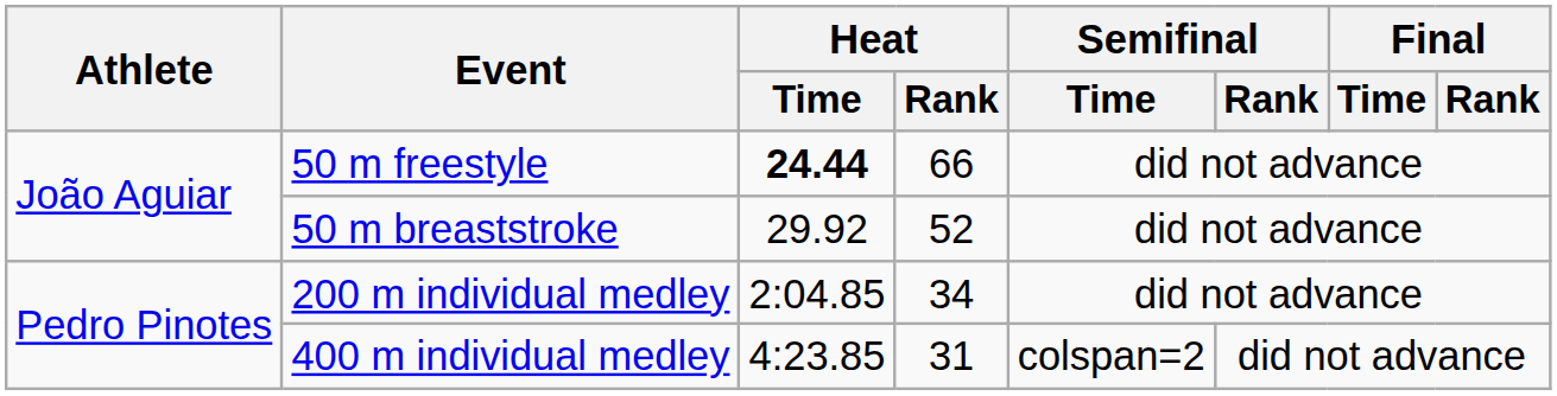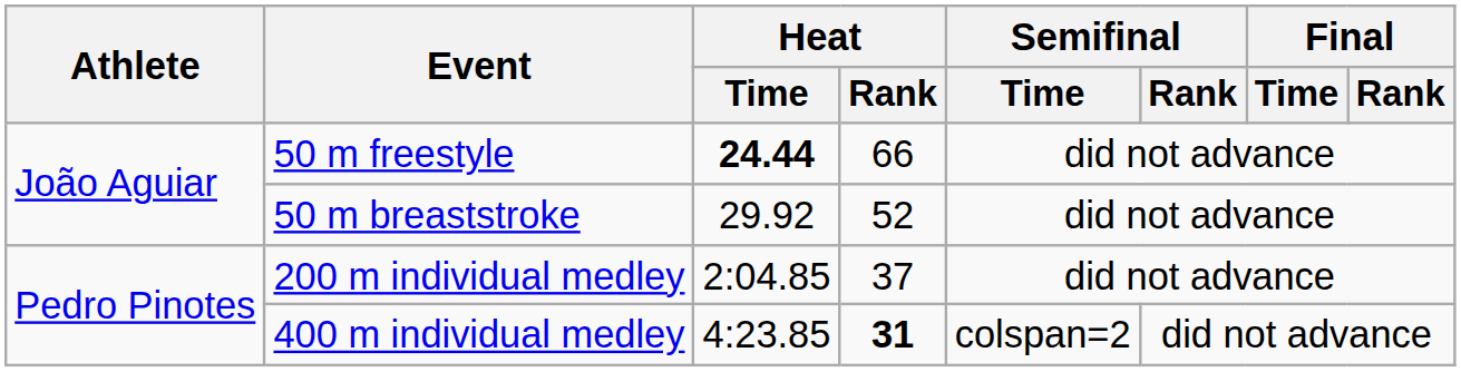 <table class=wikitable style="font-size:90%">
 <tr>
 <th rowspan="2">Athlete</th>
 <th rowspan="2">Event</th>
 <th colspan="2">Heat</th>
 <th colspan="2">Semifinal</th>
 <th colspan="2">Final</th>
 </tr>
 <tr style="font-size:95%">
 <th>Time</th>
 <th>Rank</th>
 <th>Time</th>
 <th>Rank</th>
 <th>Time</th>
 <th>Rank</th>
 </tr>
 <tr align=center>
 <td align=left rowspan=2><a href='#'>João Aguiar</a></td>
 <td align=left><a href='#'>50 m freestyle</a></td>
 <td><strong>24.44</strong></td>
 <td>66</td>
 <td colspan=4>did not advance</td>
 </tr>
 <tr align=center>
 <td align=left><a href='#'>50 m breaststroke</a></td>
 <td>29.92</td>
 <td>52</td>
 <td colspan=4>did not advance</td>
 </tr>
 <tr align=center>
 <td align=left rowspan=2><a href='#'>Pedro Pinotes</a></td>
 <td align=left><a href='#'>200 m individual medley</a></td>
 <td>2:04.85</td>
-<td>34</td>
+<td>37</td>
 <td colspan=4>did not advance</td>
 </tr>
 <tr align=center>
 <td align=left><a href='#'>400 m individual medley</a></td>
 <td>4:23.85</td>
-<td>31</td>
+<td><strong>31</strong></td>
 <td>colspan=2 </td>
 <td colspan=4>did not advance</td>
 </tr>
 </table>
